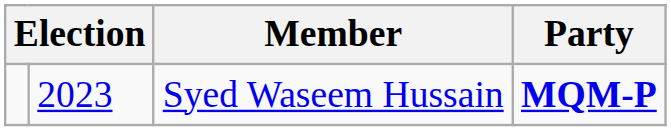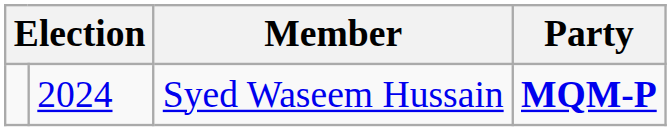 <table class="wikitable">
 <tr>
 <th colspan="2">Election</th>
 <th>Member</th>
 <th>Party</th>
 </tr>
 <tr>
 <td style="background-color: "></td>
-<td><a href='#'>2023</a></td>
+<td><a href='#'>2024</a></td>
 <td><a href='#'>Syed Waseem Hussain</a></td>
 <td><strong><a href='#'>MQM-P</a></strong></td>
 </tr>
 </table>
